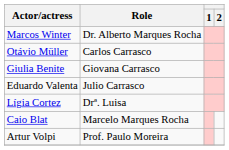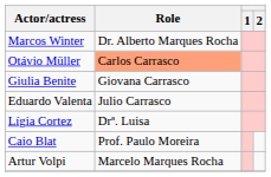 <table class="wikitable">
 <tr>
 <th rowspan=2>Actor/actress</th>
 <th rowspan=2>Role</th>
 <th colspan=14></th>
 </tr>
 <tr>
 <th>1<br></th>
 <th>2<br></th>
 </tr>
 <tr>
 <td><a href='#'>Marcos Winter</a></td>
 <td>Dr. Alberto Marques Rocha</td>
 <td colspan="2" style="background: #fcc" align="center"></td>
 </tr>
 <tr>
 <td><a href='#'>Otávio Müller</a></td>
-<td>Carlos Carrasco</td>
+<td style="background: lightsalmon;">Carlos Carrasco</td>
 <td colspan="2" style="background: #fcc" align="center"></td>
 </tr>
 <tr>
 <td><a href='#'>Giulia Benite</a></td>
 <td>Giovana Carrasco</td>
 <td colspan="2" style="background: #fcc" align="center"></td>
 </tr>
 <tr>
 <td>Eduardo Valenta</td>
 <td>Julio Carrasco</td>
 <td colspan="2" style="background: #fcc" align="center"></td>
 </tr>
 <tr>
 <td><a href='#'>Lígia Cortez</a></td>
 <td>Drª. Luisa</td>
 <td colspan="2" style="background: #fcc" align="center"></td>
 </tr>
 <tr>
 <td><a href='#'>Caio Blat</a></td>
-<td>Marcelo Marques Rocha</td>
+<td>Prof. Paulo Moreira</td>
 <td colspan="1" style="background: #fcc" align="center"></td>
 <td></td>
 </tr>
 <tr>
 <td>Artur Volpi</td>
-<td>Prof. Paulo Moreira</td>
+<td>Marcelo Marques Rocha</td>
 <td colspan="1" style="background: #fcc" align="center"></td>
 <td></td>
 </tr>
 <tr>
 </tr>
 </table>
